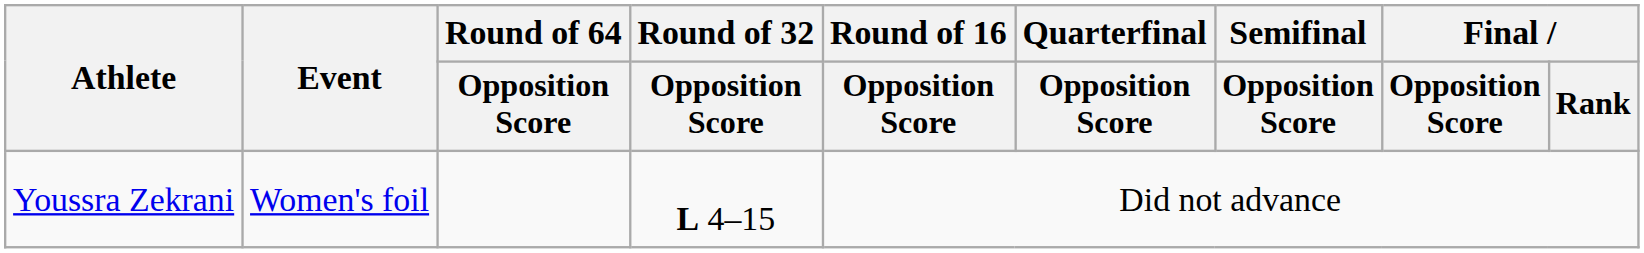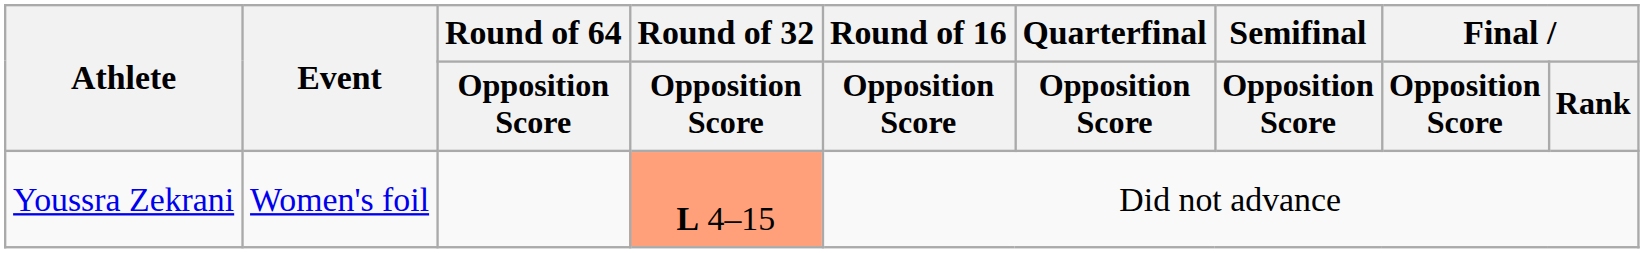 <table class="wikitable" style="font-size:90%">
 <tr>
 <th rowspan=2>Athlete</th>
 <th rowspan=2>Event</th>
 <th>Round of 64</th>
 <th>Round of 32</th>
 <th>Round of 16</th>
 <th>Quarterfinal</th>
 <th>Semifinal</th>
 <th colspan=2>Final / </th>
 </tr>
 <tr style="font-size:95%">
 <th>Opposition<br>Score</th>
 <th>Opposition<br>Score</th>
 <th>Opposition<br>Score</th>
 <th>Opposition<br>Score</th>
 <th>Opposition<br>Score</th>
 <th>Opposition<br>Score</th>
 <th>Rank</th>
 </tr>
 <tr align=center>
 <td align=left><a href='#'>Youssra Zekrani</a></td>
 <td align=left><a href='#'>Women's foil</a></td>
 <td></td>
-<td><br><strong>L</strong> 4–15</td>
+<td style="background: lightsalmon;"><br><strong>L</strong> 4–15</td>
 <td colspan=5>Did not advance</td>
 </tr>
 </table>
